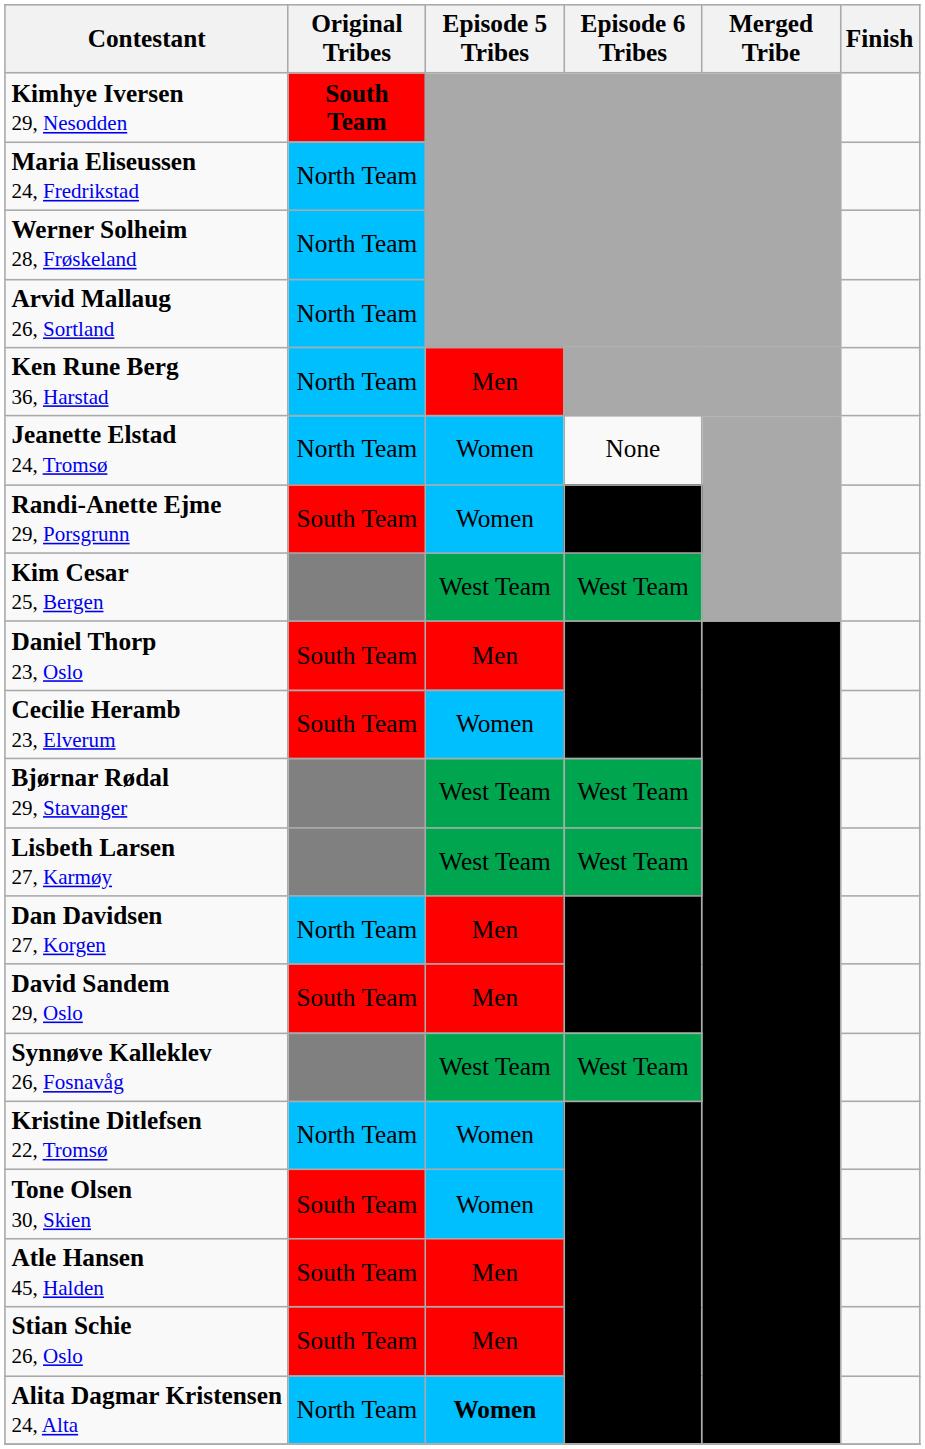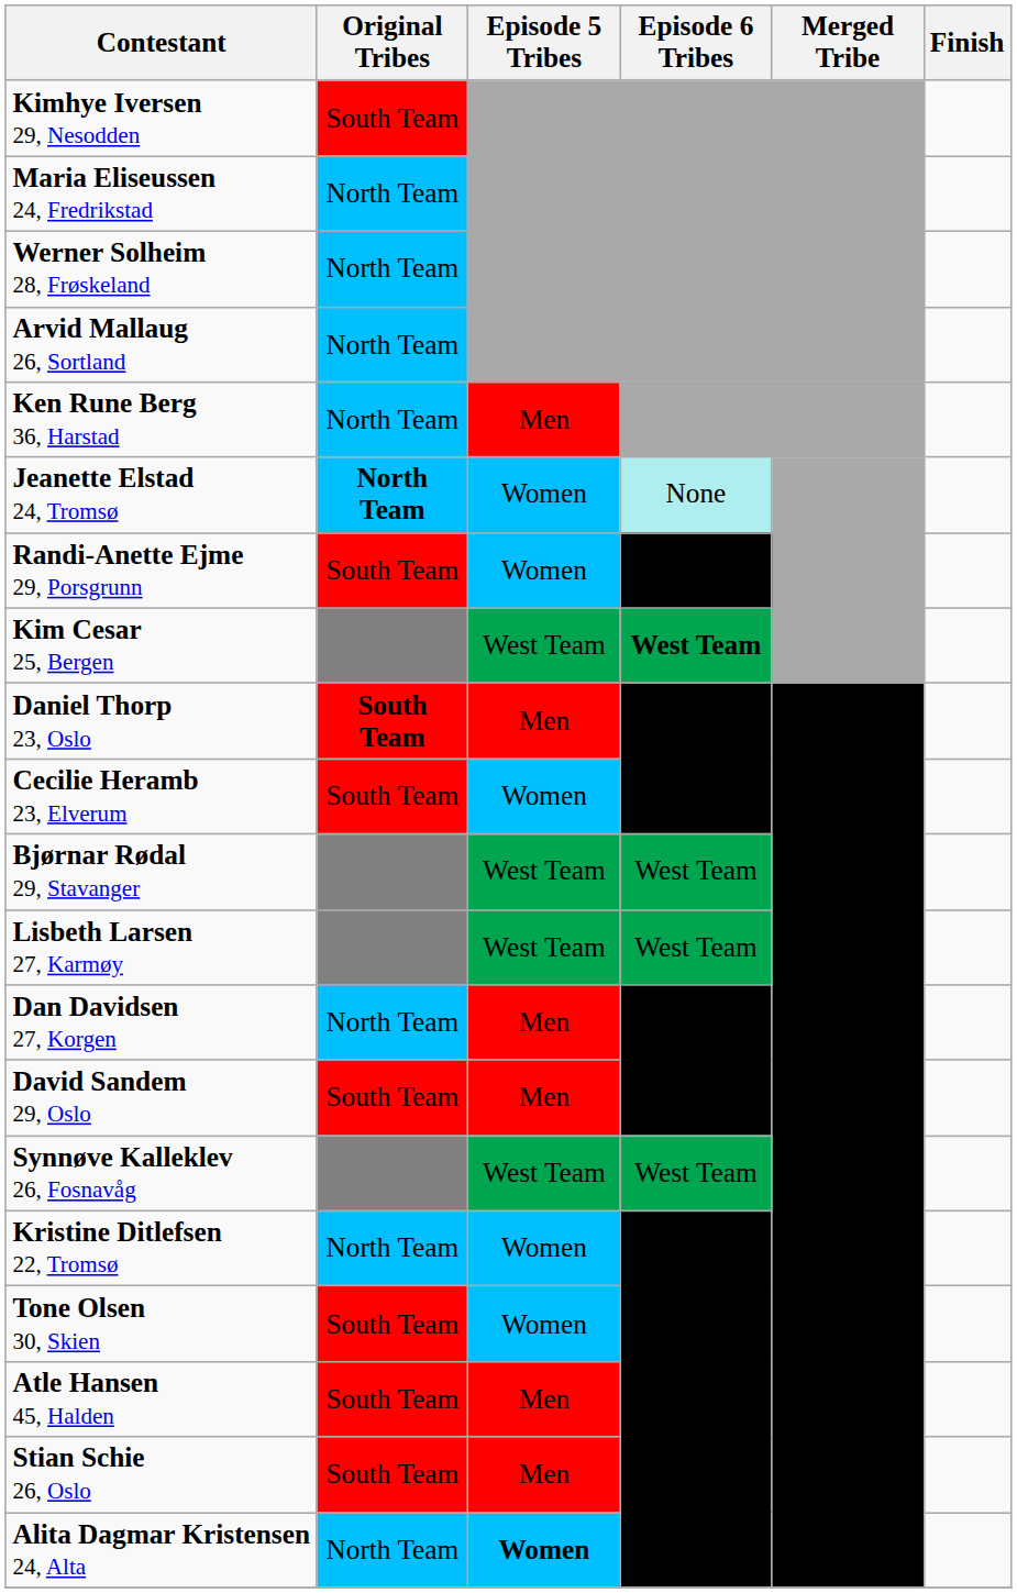 <table class="wikitable sortable" style="margin:auto; text-align:center">
 <tr>
 <th>Contestant</th>
 <th width=80>Original<br>Tribes</th>
 <th width=80>Episode 5<br>Tribes</th>
 <th width=80>Episode 6<br>Tribes</th>
 <th width=80>Merged<br>Tribe</th>
 <th>Finish</th>
 </tr>
 <tr>
 <td align="left"><strong>Kimhye Iversen</strong><br><small>29, <a href='#'>Nesodden</a></small></td>
-<td bgcolor="red" align=center><strong>South Team</strong></td>
+<td bgcolor="red" align=center>South Team</td>
 <td bgcolor="darkgray" rowspan=4 colspan=3></td>
 <td></td>
 </tr>
 <tr>
 <td align="left"><strong>Maria Eliseussen</strong><br><small>24, <a href='#'>Fredrikstad</a></small></td>
 <td bgcolor="#00BFFF" align=center>North Team</td>
 <td></td>
 </tr>
 <tr>
 <td align="left"><strong>Werner Solheim</strong><br><small>28, <a href='#'>Frøskeland</a></small></td>
 <td bgcolor="#00BFFF" align=center>North Team</td>
 <td></td>
 </tr>
 <tr>
 <td align="left"><strong>Arvid Mallaug</strong><br><small>26, <a href='#'>Sortland</a></small></td>
 <td bgcolor="#00BFFF" align=center>North Team</td>
 <td></td>
 </tr>
 <tr>
 <td align="left"><strong>Ken Rune Berg</strong><br><small>36, <a href='#'>Harstad</a></small></td>
 <td bgcolor="#00BFFF" align=center>North Team</td>
 <td bgcolor="red" align=center>Men</td>
 <td bgcolor="darkgray" colspan=2></td>
 <td></td>
 </tr>
 <tr>
 <td align="left"><strong>Jeanette Elstad</strong><br><small>24, <a href='#'>Tromsø</a></small></td>
-<td bgcolor="#00BFFF" align=center>North Team</td>
+<td bgcolor="#00BFFF" align=center><strong>North Team</strong></td>
 <td bgcolor="#00BFFF" align=center>Women</td>
-<td>None</td>
+<td style="background: paleturquoise;">None</td>
 <td bgcolor="darkgray" colspan=1 rowspan=3></td>
 <td></td>
 </tr>
 <tr>
 <td align="left"><strong>Randi-Anette Ejme</strong><br><small>29, <a href='#'>Porsgrunn</a></small></td>
 <td bgcolor="red" align=center>South Team</td>
 <td bgcolor="#00BFFF" align=center>Women</td>
 <td align="center" bgcolor="black" colspan=1><span>Robinson</span></td>
 <td></td>
 </tr>
 <tr>
 <td align="left"><strong>Kim Cesar</strong><br><small>25, <a href='#'>Bergen</a></small></td>
 <td align="center" bgcolor="gray" colspan=1></td>
 <td bgcolor="#00A550" align=center colspan=1>West Team</td>
-<td bgcolor="#00A550" align=center colspan=1>West Team</td>
+<td bgcolor="#00A550" align=center colspan=1><strong>West Team</strong></td>
 <td></td>
 </tr>
 <tr>
 <td align="left"><strong>Daniel Thorp</strong><br><small>23, <a href='#'>Oslo</a></small></td>
-<td bgcolor="red" align=center>South Team</td>
+<td bgcolor="red" align=center><strong>South Team</strong></td>
 <td bgcolor="red" align=center>Men</td>
 <td align="center" bgcolor="black" rowspan=2 colspan=1><span>Robinson</span></td>
 <td align="center" bgcolor="black" rowspan=12 colspan=1><span>Robinson</span></td>
 <td></td>
 </tr>
 <tr>
 <td align="left"><strong>Cecilie Heramb</strong><br><small>23, <a href='#'>Elverum</a></small></td>
 <td bgcolor="red" align=center>South Team</td>
 <td bgcolor="#00BFFF" align=center>Women</td>
 <td></td>
 </tr>
 <tr>
 <td align="left"><strong>Bjørnar Rødal</strong><br><small>29, <a href='#'>Stavanger</a></small></td>
 <td align="center" bgcolor="gray" colspan=1></td>
 <td bgcolor="#00A550" align=center colspan=1>West Team</td>
 <td bgcolor="#00A550" align=center rowspan=1 colspan=1>West Team</td>
 <td></td>
 </tr>
 <tr>
 <td align="left"><strong>Lisbeth Larsen</strong><br><small>27, <a href='#'>Karmøy</a></small></td>
 <td align="center" bgcolor="gray" colspan=1></td>
 <td bgcolor="#00A550" align=center colspan=1>West Team</td>
 <td bgcolor="#00A550" align=center rowspan=1 colspan=1>West Team</td>
 <td></td>
 </tr>
 <tr>
 <td align="left"><strong>Dan Davidsen</strong><br><small>27, <a href='#'>Korgen</a></small></td>
 <td bgcolor="#00BFFF" align=center>North Team</td>
 <td bgcolor="red" align=center>Men</td>
 <td align="center" bgcolor="black" rowspan=2 colspan=1><span>Robinson</span></td>
 <td></td>
 </tr>
 <tr>
 <td align="left"><strong>David Sandem</strong><br><small>29, <a href='#'>Oslo</a></small></td>
 <td bgcolor="red" align=center>South Team</td>
 <td bgcolor="red" align=center>Men</td>
 <td></td>
 </tr>
 <tr>
 <td align="left"><strong>Synnøve Kalleklev</strong><br><small>26, <a href='#'>Fosnavåg</a></small></td>
 <td align="center" bgcolor="gray" colspan=1></td>
 <td bgcolor="#00A550" align=center colspan=1>West Team</td>
 <td bgcolor="#00A550" align=center colspan=1>West Team</td>
 <td></td>
 </tr>
 <tr>
 <td align="left"><strong>Kristine Ditlefsen</strong><br><small>22, <a href='#'>Tromsø</a></small></td>
 <td bgcolor="#00BFFF" align=center>North Team</td>
 <td bgcolor="#00BFFF" align=center>Women</td>
 <td align="center" bgcolor="black" rowspan=5 colspan=1><span>Robinson</span></td>
 <td></td>
 </tr>
 <tr>
 <td align="left"><strong>Tone Olsen</strong><br><small>30, <a href='#'>Skien</a></small></td>
 <td bgcolor="red" align=center>South Team</td>
 <td bgcolor="#00BFFF" align=center>Women</td>
 <td></td>
 </tr>
 <tr>
 <td align="left"><strong>Atle Hansen</strong><br><small>45, <a href='#'>Halden</a></small></td>
 <td bgcolor="red" align=center>South Team</td>
 <td bgcolor="red" align=center>Men</td>
 <td></td>
 </tr>
 <tr>
 <td align="left"><strong>Stian Schie</strong><br><small>26, <a href='#'>Oslo</a></small></td>
 <td bgcolor="red" align=center>South Team</td>
 <td bgcolor="red" align=center>Men</td>
 <td></td>
 </tr>
 <tr>
 <td align="left"><strong>Alita Dagmar Kristensen</strong><br><small>24, <a href='#'>Alta</a></small></td>
 <td bgcolor="#00BFFF" align=center>North Team</td>
 <td bgcolor="#00BFFF" align=center><strong>Women</strong></td>
 <td></td>
 </tr>
 <tr>
 </tr>
 </table>
